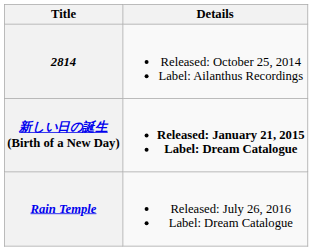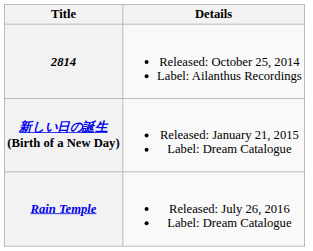 <table class="wikitable plainrowheaders" style="text-align:center;">
 <tr>
 <th scope="col">Title</th>
 <th scope="col">Details</th>
 </tr>
 <tr>
 <th scope="row"><em>2814</em></th>
 <td><br><ul><li>Released: October 25, 2014</li><li>Label: Ailanthus Recordings</li></ul></td>
 </tr>
 <tr>
 <th scope="row"><em><a href='#'>新しい日の誕生</a></em><br><span>(Birth of a New Day)</span></th>
-<td><strong><br><ul><li>Released: January 21, 2015</li><li>Label: Dream Catalogue</li></ul></strong></td>
+<td><br><ul><li>Released: January 21, 2015</li><li>Label: Dream Catalogue</li></ul></td>
 </tr>
 <tr>
 <th scope="row"><em><a href='#'>Rain Temple</a></em></th>
 <td><br><ul><li>Released: July 26, 2016</li><li>Label: Dream Catalogue</li></ul></td>
 </tr>
 </table>
